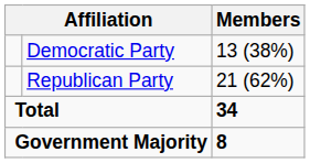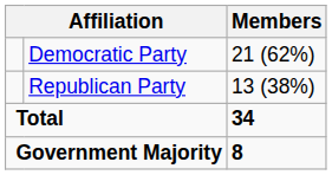 <table class="wikitable">
 <tr>
 <th colspan="2">Affiliation</th>
 <th>Members</th>
 </tr>
 <tr>
 <td style="background-color:"> </td>
 <td><a href='#'>Democratic Party</a></td>
-<td>13 (38%)</td>
+<td>21 (62%)</td>
 </tr>
 <tr>
 <td style="background-color:"> </td>
 <td><a href='#'>Republican Party</a></td>
-<td>21 (62%)</td>
+<td>13 (38%)</td>
 </tr>
 <tr>
 <td colspan="2" rowspan="1"> <strong>Total</strong><br></td>
 <td><strong>34</strong></td>
 </tr>
 <tr>
 <td colspan="2" rowspan="1"> <strong>Government Majority</strong><br></td>
 <td><strong>8</strong></td>
 </tr>
 </table>
